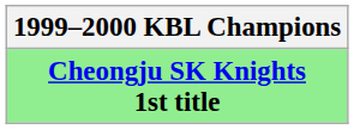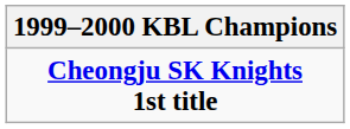 <table class=wikitable style="text-align:center; margin:auto">
 <tr>
 <th>1999–2000 KBL Champions</th>
 </tr>
 <tr>
-<td style="background: lightgreen;"><strong><a href='#'>Cheongju SK Knights</a></strong><br><strong>1st title</strong></td>
+<td><strong><a href='#'>Cheongju SK Knights</a></strong><br><strong>1st title</strong></td>
 </tr>
 </table>
